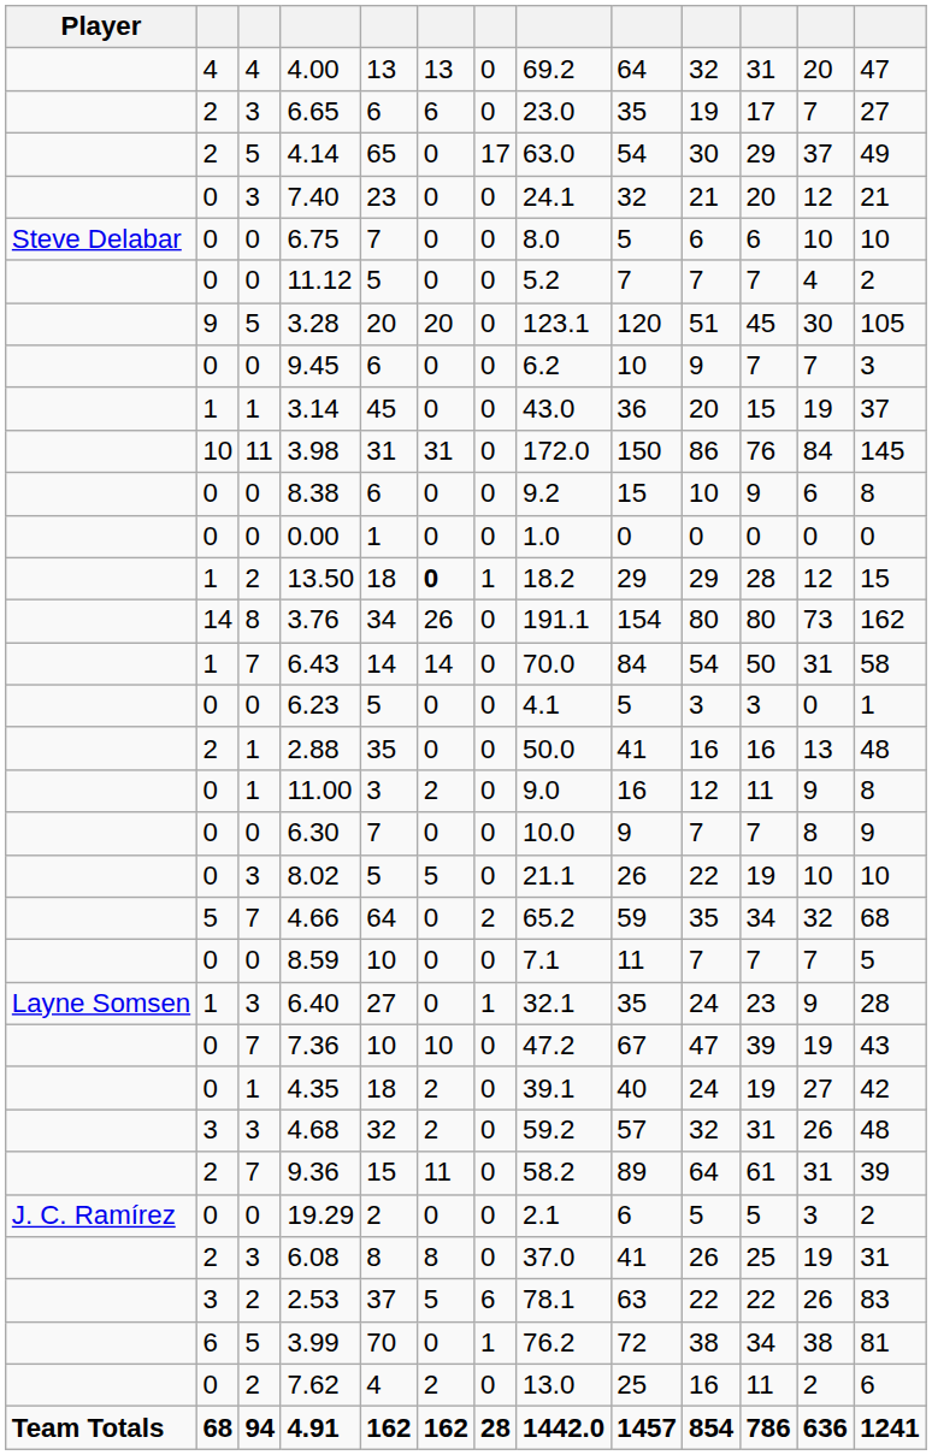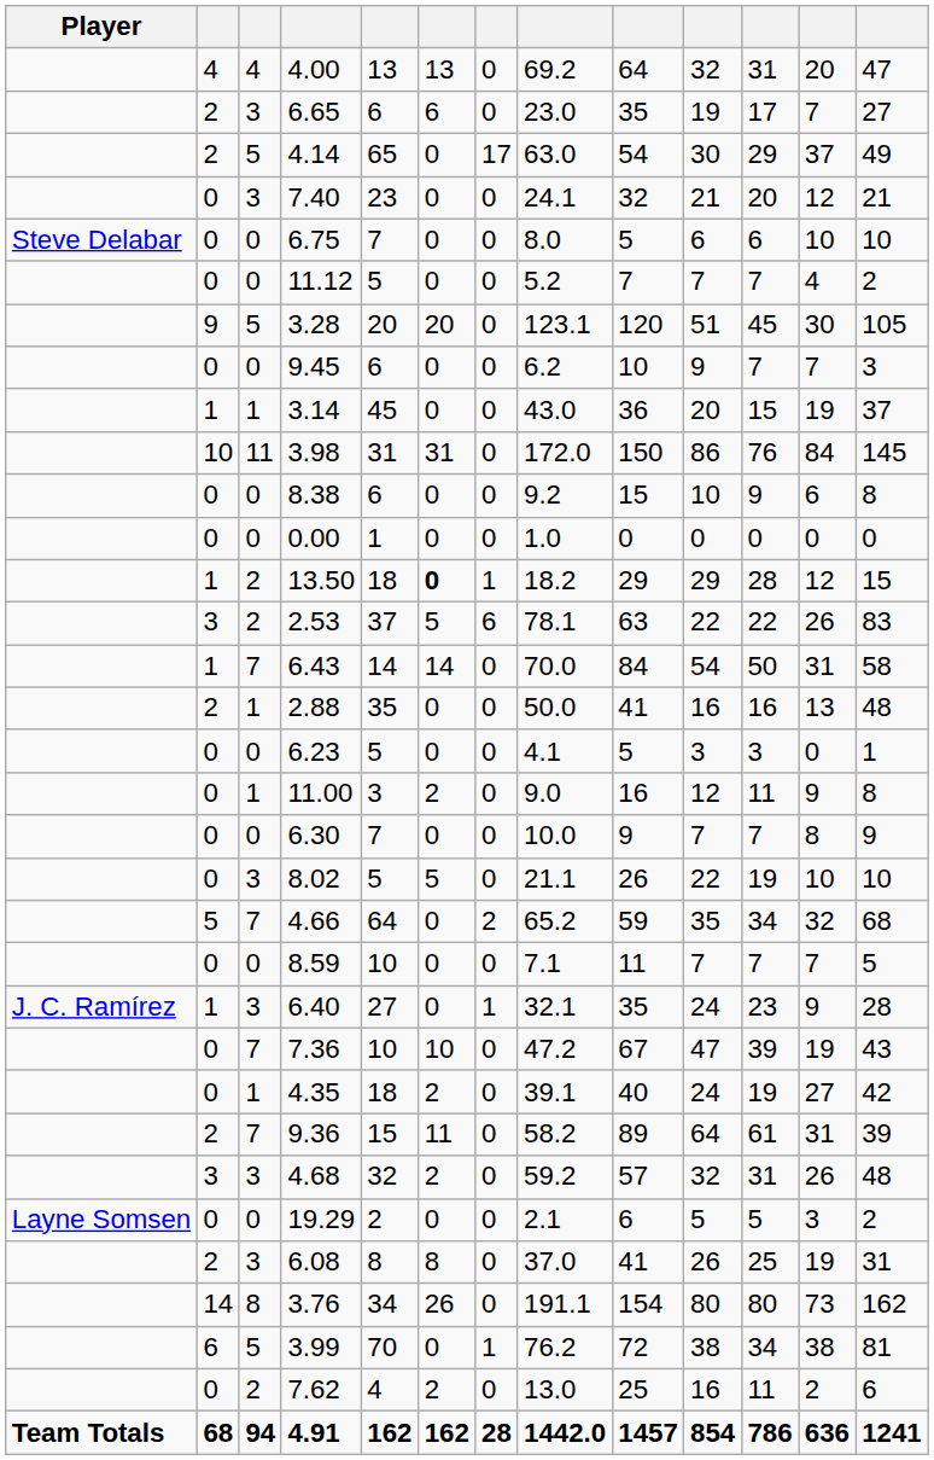 <table class="wikitable sortable">
 <tr>
 <th>Player</th>
 <th></th>
 <th></th>
 <th></th>
 <th></th>
 <th></th>
 <th></th>
 <th></th>
 <th></th>
 <th></th>
 <th></th>
 <th></th>
 <th></th>
 </tr>
 <tr>
 <td align=left></td>
 <td>4</td>
 <td>4</td>
 <td>4.00</td>
 <td>13</td>
 <td>13</td>
 <td>0</td>
 <td>69.2</td>
 <td>64</td>
 <td>32</td>
 <td>31</td>
 <td>20</td>
 <td>47</td>
 </tr>
 <tr>
 <td align=left></td>
 <td>2</td>
 <td>3</td>
 <td>6.65</td>
 <td>6</td>
 <td>6</td>
 <td>0</td>
 <td>23.0</td>
 <td>35</td>
 <td>19</td>
 <td>17</td>
 <td>7</td>
 <td>27</td>
 </tr>
 <tr>
 <td align=left></td>
 <td>2</td>
 <td>5</td>
 <td>4.14</td>
 <td>65</td>
 <td>0</td>
 <td>17</td>
 <td>63.0</td>
 <td>54</td>
 <td>30</td>
 <td>29</td>
 <td>37</td>
 <td>49</td>
 </tr>
 <tr>
 <td align=left></td>
 <td>0</td>
 <td>3</td>
 <td>7.40</td>
 <td>23</td>
 <td>0</td>
 <td>0</td>
 <td>24.1</td>
 <td>32</td>
 <td>21</td>
 <td>20</td>
 <td>12</td>
 <td>21</td>
 </tr>
 <tr>
 <td align=left><a href='#'>Steve Delabar</a></td>
 <td>0</td>
 <td>0</td>
 <td>6.75</td>
 <td>7</td>
 <td>0</td>
 <td>0</td>
 <td>8.0</td>
 <td>5</td>
 <td>6</td>
 <td>6</td>
 <td>10</td>
 <td>10</td>
 </tr>
 <tr>
 <td align=left></td>
 <td>0</td>
 <td>0</td>
 <td>11.12</td>
 <td>5</td>
 <td>0</td>
 <td>0</td>
 <td>5.2</td>
 <td>7</td>
 <td>7</td>
 <td>7</td>
 <td>4</td>
 <td>2</td>
 </tr>
 <tr>
 <td align=left><strong></strong></td>
 <td>9</td>
 <td>5</td>
 <td>3.28</td>
 <td>20</td>
 <td>20</td>
 <td>0</td>
 <td>123.1</td>
 <td>120</td>
 <td>51</td>
 <td>45</td>
 <td>30</td>
 <td>105</td>
 </tr>
 <tr>
 <td align=left></td>
 <td>0</td>
 <td>0</td>
 <td>9.45</td>
 <td>6</td>
 <td>0</td>
 <td>0</td>
 <td>6.2</td>
 <td>10</td>
 <td>9</td>
 <td>7</td>
 <td>7</td>
 <td>3</td>
 </tr>
 <tr>
 <td align=left></td>
 <td>1</td>
 <td>1</td>
 <td>3.14</td>
 <td>45</td>
 <td>0</td>
 <td>0</td>
 <td>43.0</td>
 <td>36</td>
 <td>20</td>
 <td>15</td>
 <td>19</td>
 <td>37</td>
 </tr>
 <tr>
 <td align=left></td>
 <td>10</td>
 <td>11</td>
 <td>3.98</td>
 <td>31</td>
 <td>31</td>
 <td>0</td>
 <td>172.0</td>
 <td>150</td>
 <td>86</td>
 <td>76</td>
 <td>84</td>
 <td>145</td>
 </tr>
 <tr>
 <td align=left></td>
 <td>0</td>
 <td>0</td>
 <td>8.38</td>
 <td>6</td>
 <td>0</td>
 <td>0</td>
 <td>9.2</td>
 <td>15</td>
 <td>10</td>
 <td>9</td>
 <td>6</td>
 <td>8</td>
 </tr>
 <tr>
 <td align="left"></td>
 <td>0</td>
 <td>0</td>
 <td>0.00</td>
 <td>1</td>
 <td>0</td>
 <td>0</td>
 <td>1.0</td>
 <td>0</td>
 <td>0</td>
 <td>0</td>
 <td>0</td>
 <td>0</td>
 </tr>
 <tr>
 <td align=left></td>
 <td>1</td>
 <td>2</td>
 <td>13.50</td>
 <td>18</td>
 <td><strong>0</strong></td>
 <td>1</td>
 <td>18.2</td>
 <td>29</td>
 <td>29</td>
 <td>28</td>
 <td>12</td>
 <td>15</td>
 </tr>
 <tr>
-<td align=left></td>
-<td>14</td>
-<td>8</td>
-<td>3.76</td>
-<td>34</td>
+<td align=left><strong></strong></td>
+<td>3</td>
+<td>2</td>
+<td>2.53</td>
+<td>37</td>
+<td>5</td>
+<td>6</td>
+<td>78.1</td>
+<td>63</td>
+<td>22</td>
+<td>22</td>
 <td>26</td>
-<td>0</td>
-<td>191.1</td>
-<td>154</td>
-<td>80</td>
-<td>80</td>
-<td>73</td>
-<td>162</td>
+<td>83</td>
 </tr>
 <tr>
 <td align=left></td>
 <td>1</td>
 <td>7</td>
 <td>6.43</td>
 <td>14</td>
 <td>14</td>
 <td>0</td>
 <td>70.0</td>
 <td>84</td>
 <td>54</td>
 <td>50</td>
 <td>31</td>
 <td>58</td>
 </tr>
 <tr>
+<td align=left><strong></strong></td>
+<td>2</td>
+<td>1</td>
+<td>2.88</td>
+<td>35</td>
+<td>0</td>
+<td>0</td>
+<td>50.0</td>
+<td>41</td>
+<td>16</td>
+<td>16</td>
+<td>13</td>
+<td>48</td>
+</tr>
+<tr>
 <td align=left></td>
 <td>0</td>
 <td>0</td>
 <td>6.23</td>
 <td>5</td>
 <td>0</td>
 <td>0</td>
 <td>4.1</td>
 <td>5</td>
 <td>3</td>
 <td>3</td>
 <td>0</td>
 <td>1</td>
-</tr>
-<tr>
-<td align=left><strong></strong></td>
-<td>2</td>
-<td>1</td>
-<td>2.88</td>
-<td>35</td>
-<td>0</td>
-<td>0</td>
-<td>50.0</td>
-<td>41</td>
-<td>16</td>
-<td>16</td>
-<td>13</td>
-<td>48</td>
 </tr>
 <tr>
 <td align=left></td>
 <td>0</td>
 <td>1</td>
 <td>11.00</td>
 <td>3</td>
 <td>2</td>
 <td>0</td>
 <td>9.0</td>
 <td>16</td>
 <td>12</td>
 <td>11</td>
 <td>9</td>
 <td>8</td>
 </tr>
 <tr>
 <td align=left></td>
 <td>0</td>
 <td>0</td>
 <td>6.30</td>
 <td>7</td>
 <td>0</td>
 <td>0</td>
 <td>10.0</td>
 <td>9</td>
 <td>7</td>
 <td>7</td>
 <td>8</td>
 <td>9</td>
 </tr>
 <tr>
 <td align=left></td>
 <td>0</td>
 <td>3</td>
 <td>8.02</td>
 <td>5</td>
 <td>5</td>
 <td>0</td>
 <td>21.1</td>
 <td>26</td>
 <td>22</td>
 <td>19</td>
 <td>10</td>
 <td>10</td>
 </tr>
 <tr>
 <td align=left></td>
 <td>5</td>
 <td>7</td>
 <td>4.66</td>
 <td>64</td>
 <td>0</td>
 <td>2</td>
 <td>65.2</td>
 <td>59</td>
 <td>35</td>
 <td>34</td>
 <td>32</td>
 <td>68</td>
 </tr>
 <tr>
 <td align=left><strong></strong></td>
 <td>0</td>
 <td>0</td>
 <td>8.59</td>
 <td>10</td>
 <td>0</td>
 <td>0</td>
 <td>7.1</td>
 <td>11</td>
 <td>7</td>
 <td>7</td>
 <td>7</td>
 <td>5</td>
 </tr>
 <tr>
-<td align=left><a href='#'>Layne Somsen</a></td>
+<td align=left><a href='#'>J. C. Ramírez</a></td>
 <td>1</td>
 <td>3</td>
 <td>6.40</td>
 <td>27</td>
 <td>0</td>
 <td>1</td>
 <td>32.1</td>
 <td>35</td>
 <td>24</td>
 <td>23</td>
 <td>9</td>
 <td>28</td>
 </tr>
 <tr>
 <td align=left></td>
 <td>0</td>
 <td>7</td>
 <td>7.36</td>
 <td>10</td>
 <td>10</td>
 <td>0</td>
 <td>47.2</td>
 <td>67</td>
 <td>47</td>
 <td>39</td>
 <td>19</td>
 <td>43</td>
 </tr>
 <tr>
 <td align=left></td>
 <td>0</td>
 <td>1</td>
 <td>4.35</td>
 <td>18</td>
 <td>2</td>
 <td>0</td>
 <td>39.1</td>
 <td>40</td>
 <td>24</td>
 <td>19</td>
 <td>27</td>
 <td>42</td>
 </tr>
 <tr>
 <td align=left></td>
+<td>2</td>
+<td>7</td>
+<td>9.36</td>
+<td>15</td>
+<td>11</td>
+<td>0</td>
+<td>58.2</td>
+<td>89</td>
+<td>64</td>
+<td>61</td>
+<td>31</td>
+<td>39</td>
+</tr>
+<tr>
+<td align=left></td>
 <td>3</td>
 <td>3</td>
 <td>4.68</td>
 <td>32</td>
 <td>2</td>
 <td>0</td>
 <td>59.2</td>
 <td>57</td>
 <td>32</td>
 <td>31</td>
 <td>26</td>
 <td>48</td>
 </tr>
 <tr>
-<td align=left></td>
-<td>2</td>
-<td>7</td>
-<td>9.36</td>
-<td>15</td>
-<td>11</td>
-<td>0</td>
-<td>58.2</td>
-<td>89</td>
-<td>64</td>
-<td>61</td>
-<td>31</td>
-<td>39</td>
-</tr>
-<tr>
-<td align=left><a href='#'>J. C. Ramírez</a></td>
+<td align=left><a href='#'>Layne Somsen</a></td>
 <td>0</td>
 <td>0</td>
 <td>19.29</td>
 <td>2</td>
 <td>0</td>
 <td>0</td>
 <td>2.1</td>
 <td>6</td>
 <td>5</td>
 <td>5</td>
 <td>3</td>
 <td>2</td>
 </tr>
 <tr>
 <td align=left><strong></strong></td>
 <td>2</td>
 <td>3</td>
 <td>6.08</td>
 <td>8</td>
 <td>8</td>
 <td>0</td>
 <td>37.0</td>
 <td>41</td>
 <td>26</td>
 <td>25</td>
 <td>19</td>
 <td>31</td>
 </tr>
 <tr>
-<td align=left><strong></strong></td>
-<td>3</td>
-<td>2</td>
-<td>2.53</td>
-<td>37</td>
-<td>5</td>
-<td>6</td>
-<td>78.1</td>
-<td>63</td>
-<td>22</td>
-<td>22</td>
+<td align=left></td>
+<td>14</td>
+<td>8</td>
+<td>3.76</td>
+<td>34</td>
 <td>26</td>
-<td>83</td>
+<td>0</td>
+<td>191.1</td>
+<td>154</td>
+<td>80</td>
+<td>80</td>
+<td>73</td>
+<td>162</td>
 </tr>
 <tr>
 <td align=left></td>
 <td>6</td>
 <td>5</td>
 <td>3.99</td>
 <td>70</td>
 <td>0</td>
 <td>1</td>
 <td>76.2</td>
 <td>72</td>
 <td>38</td>
 <td>34</td>
 <td>38</td>
 <td>81</td>
 </tr>
 <tr>
 <td align=left></td>
 <td>0</td>
 <td>2</td>
 <td>7.62</td>
 <td>4</td>
 <td>2</td>
 <td>0</td>
 <td>13.0</td>
 <td>25</td>
 <td>16</td>
 <td>11</td>
 <td>2</td>
 <td>6</td>
 </tr>
 <tr>
 <td align=left><strong>Team Totals</strong></td>
 <td><strong>68</strong></td>
 <td><strong>94</strong></td>
 <td><strong>4.91</strong></td>
 <td><strong>162</strong></td>
 <td><strong>162</strong></td>
 <td><strong>28</strong></td>
 <td><strong>1442.0</strong></td>
 <td><strong>1457</strong></td>
 <td><strong>854</strong></td>
 <td><strong>786</strong></td>
 <td><strong>636</strong></td>
 <td><strong>1241</strong></td>
 </tr>
 </table>
